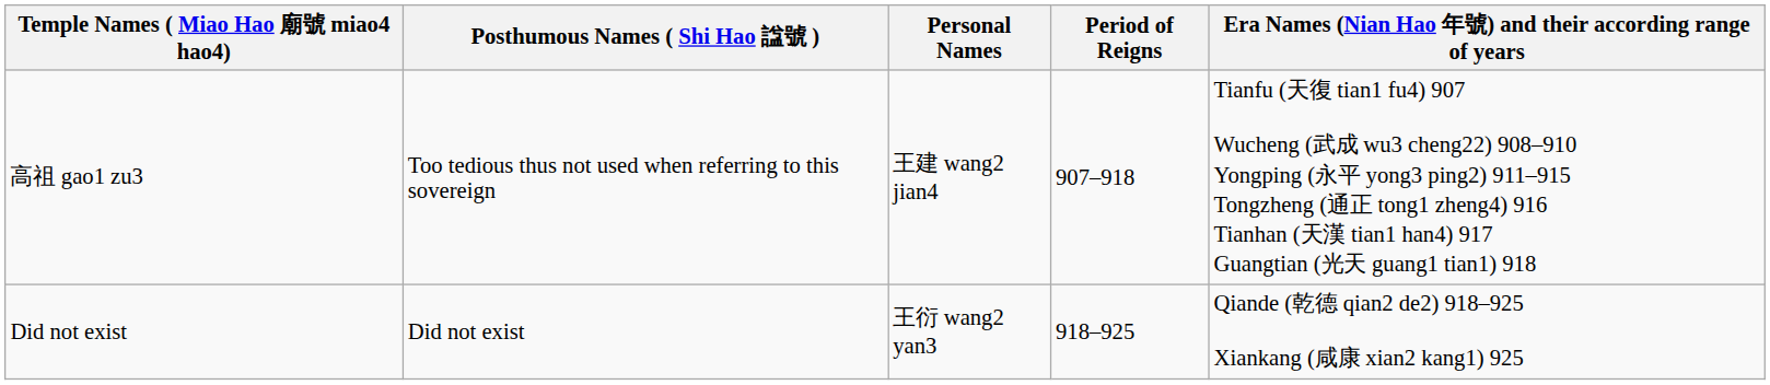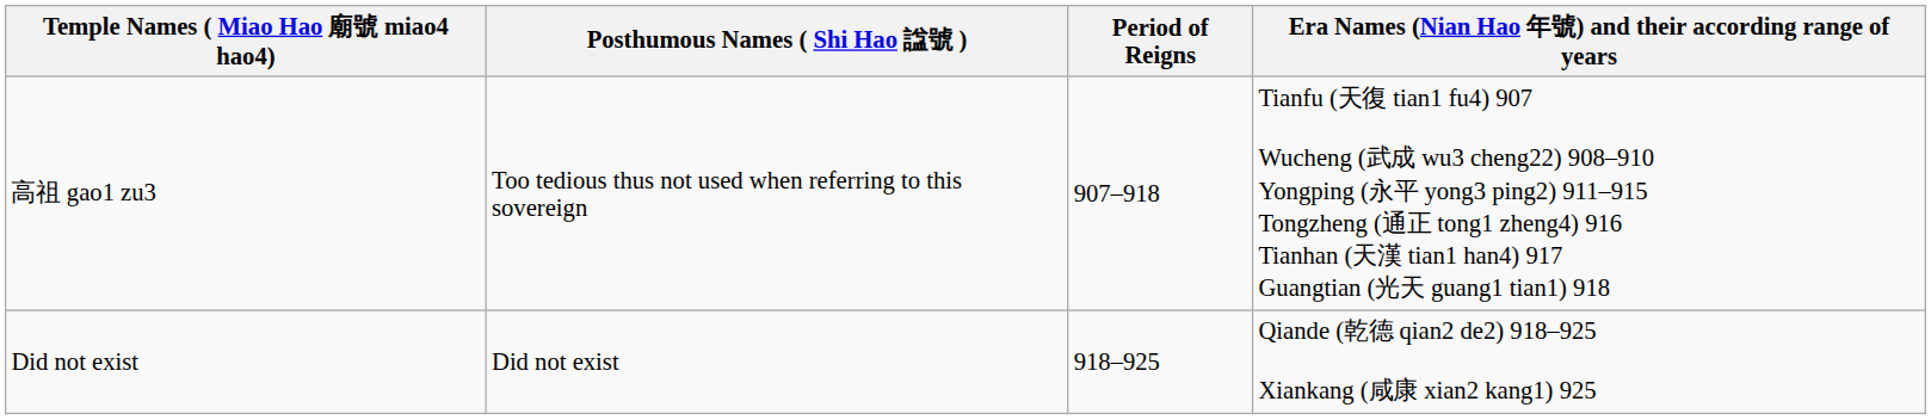 <table class="wikitable">
 <tr>
 <th>Temple Names ( <a href='#'>Miao Hao</a> 廟號 miao4 hao4)</th>
 <th>Posthumous Names ( <a href='#'>Shi Hao</a> 諡號 )</th>
-<th>Personal Names</th>
 <th>Period of Reigns</th>
 <th>Era Names (<a href='#'>Nian Hao</a> 年號) and their according range of years</th>
 </tr>
 <tr>
 <td Gao Zu>高祖 gao1 zu3</td>
 <td>Too tedious thus not used when referring to this sovereign</td>
-<td Wang Jian>王建 wang2 jian4</td>
 <td>907–918</td>
 <td>Tianfu (天復 tian1 fu4) 907<br><br>Wucheng (武成 wu3 cheng22) 908–910<br> Yongping (永平 yong3 ping2) 911–915<br> Tongzheng (通正 tong1 zheng4) 916<br> Tianhan (天漢 tian1 han4) 917<br> Guangtian (光天 guang1 tian1) 918</td>
 </tr>
 <tr>
 <td>Did not exist</td>
 <td>Did not exist</td>
-<td Wang Yan>王衍 wang2 yan3</td>
 <td>918–925</td>
 <td>Qiande (乾德 qian2 de2) 918–925<br><br>Xiankang (咸康 xian2 kang1) 925</td>
 </tr>
 </table>
